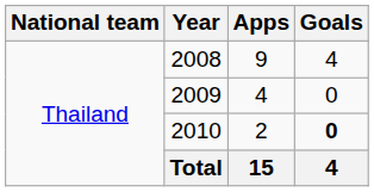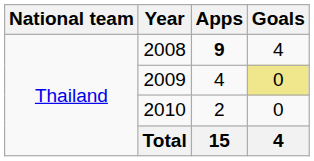 <table class="wikitable" style="text-align:center">
 <tr>
 <th>National team</th>
 <th>Year</th>
 <th>Apps</th>
 <th>Goals</th>
 </tr>
 <tr>
 <td rowspan="4" valign="center"><a href='#'>Thailand</a></td>
 <td>2008</td>
-<td>9</td>
+<td><strong>9</strong></td>
 <td>4</td>
 </tr>
 <tr>
 <td>2009</td>
 <td>4</td>
-<td>0</td>
+<td style="background: khaki;">0</td>
 </tr>
 <tr>
 <td>2010</td>
 <td>2</td>
-<td><strong>0</strong></td>
+<td>0</td>
 </tr>
 <tr>
 <th>Total</th>
 <th>15</th>
 <th>4</th>
 </tr>
 </table>
